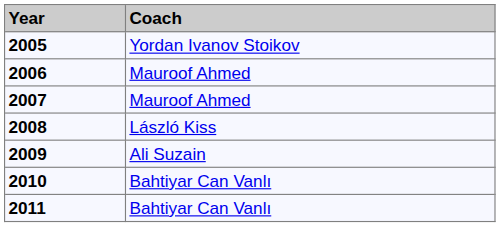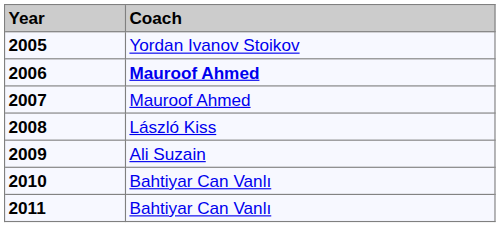 <table bgcolor="#f7f8ff" cellpadding="3" cellspacing="0" border="1" style="font-size: 95%; border: gray solid 1px; border-collapse: collapse;">
 <tr bgcolor="#CCCCCC">
 <td width="100"><strong>Year</strong></td>
 <td width="320"><strong>Coach</strong></td>
 </tr>
 <tr>
 <td><strong>2005</strong></td>
 <td> <a href='#'>Yordan Ivanov Stoikov</a></td>
 </tr>
 <tr>
 <td><strong>2006</strong></td>
-<td> <a href='#'>Mauroof Ahmed</a></td>
+<td><strong> <a href='#'>Mauroof Ahmed</a></strong></td>
 </tr>
 <tr>
 <td><strong>2007</strong></td>
 <td> <a href='#'>Mauroof Ahmed</a></td>
 </tr>
 <tr>
 <td><strong>2008</strong></td>
 <td> <a href='#'>László Kiss</a></td>
 </tr>
 <tr>
 <td><strong>2009</strong></td>
 <td> <a href='#'>Ali Suzain</a></td>
 </tr>
 <tr>
 <td><strong>2010</strong></td>
 <td> <a href='#'>Bahtiyar Can Vanlı</a></td>
 </tr>
 <tr>
 <td><strong>2011</strong></td>
 <td> <a href='#'>Bahtiyar Can Vanlı</a></td>
 </tr>
 </table>
